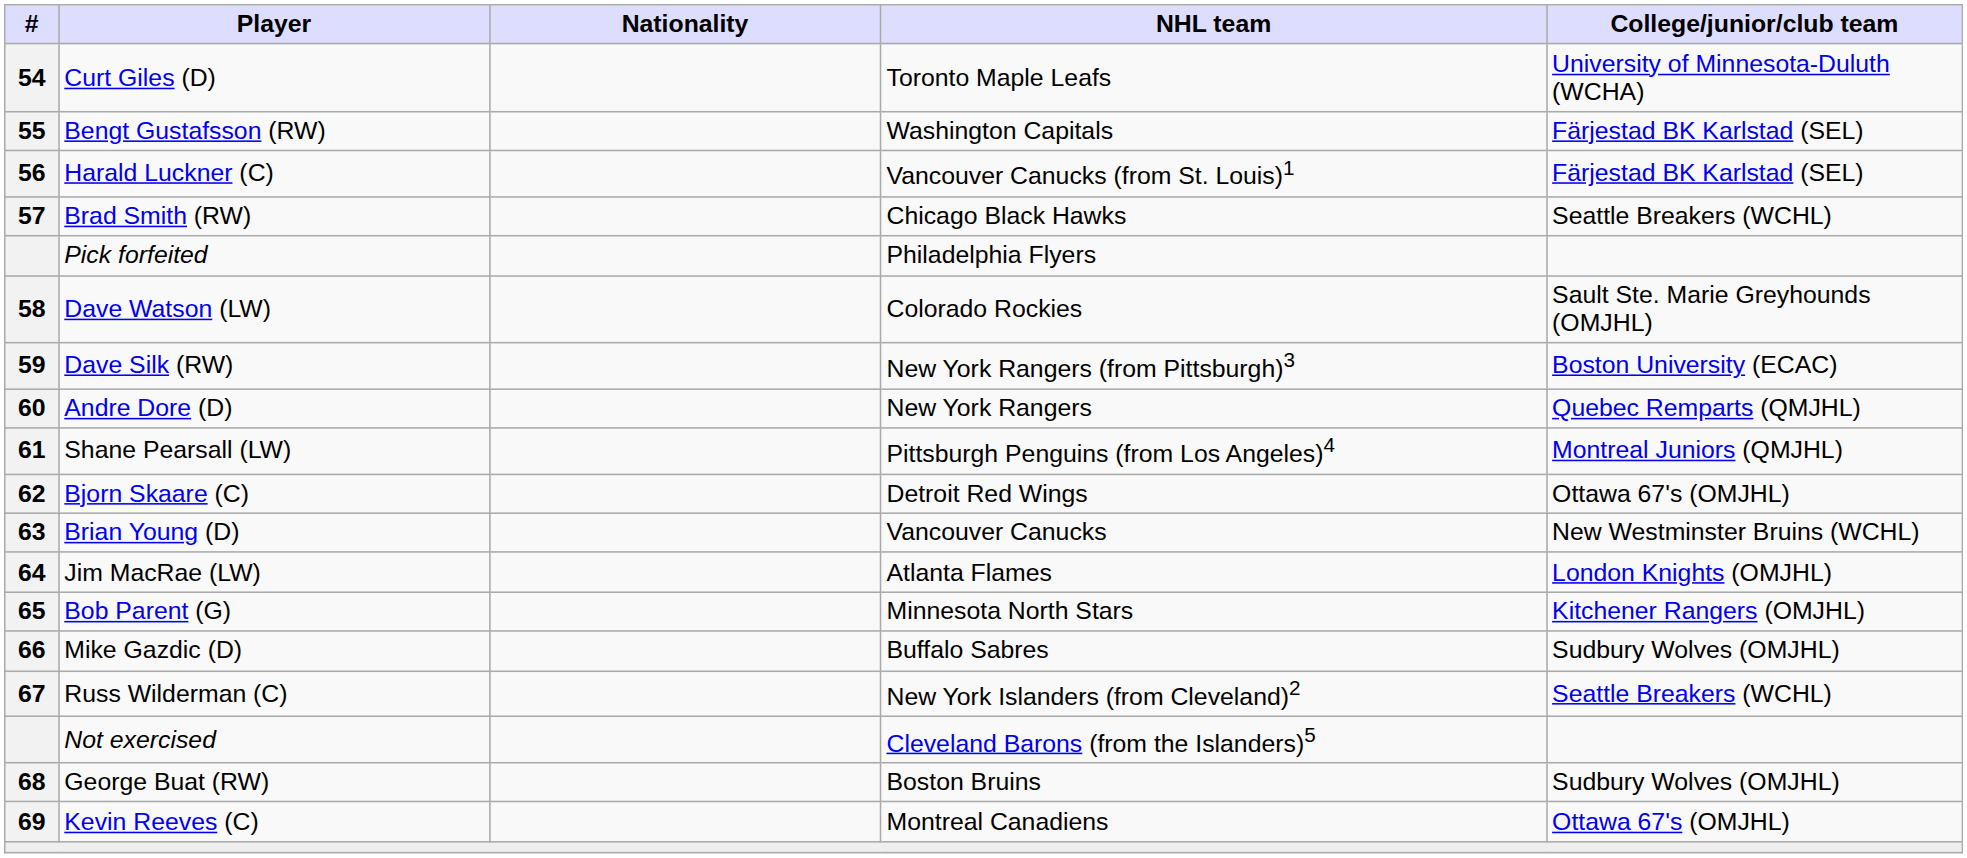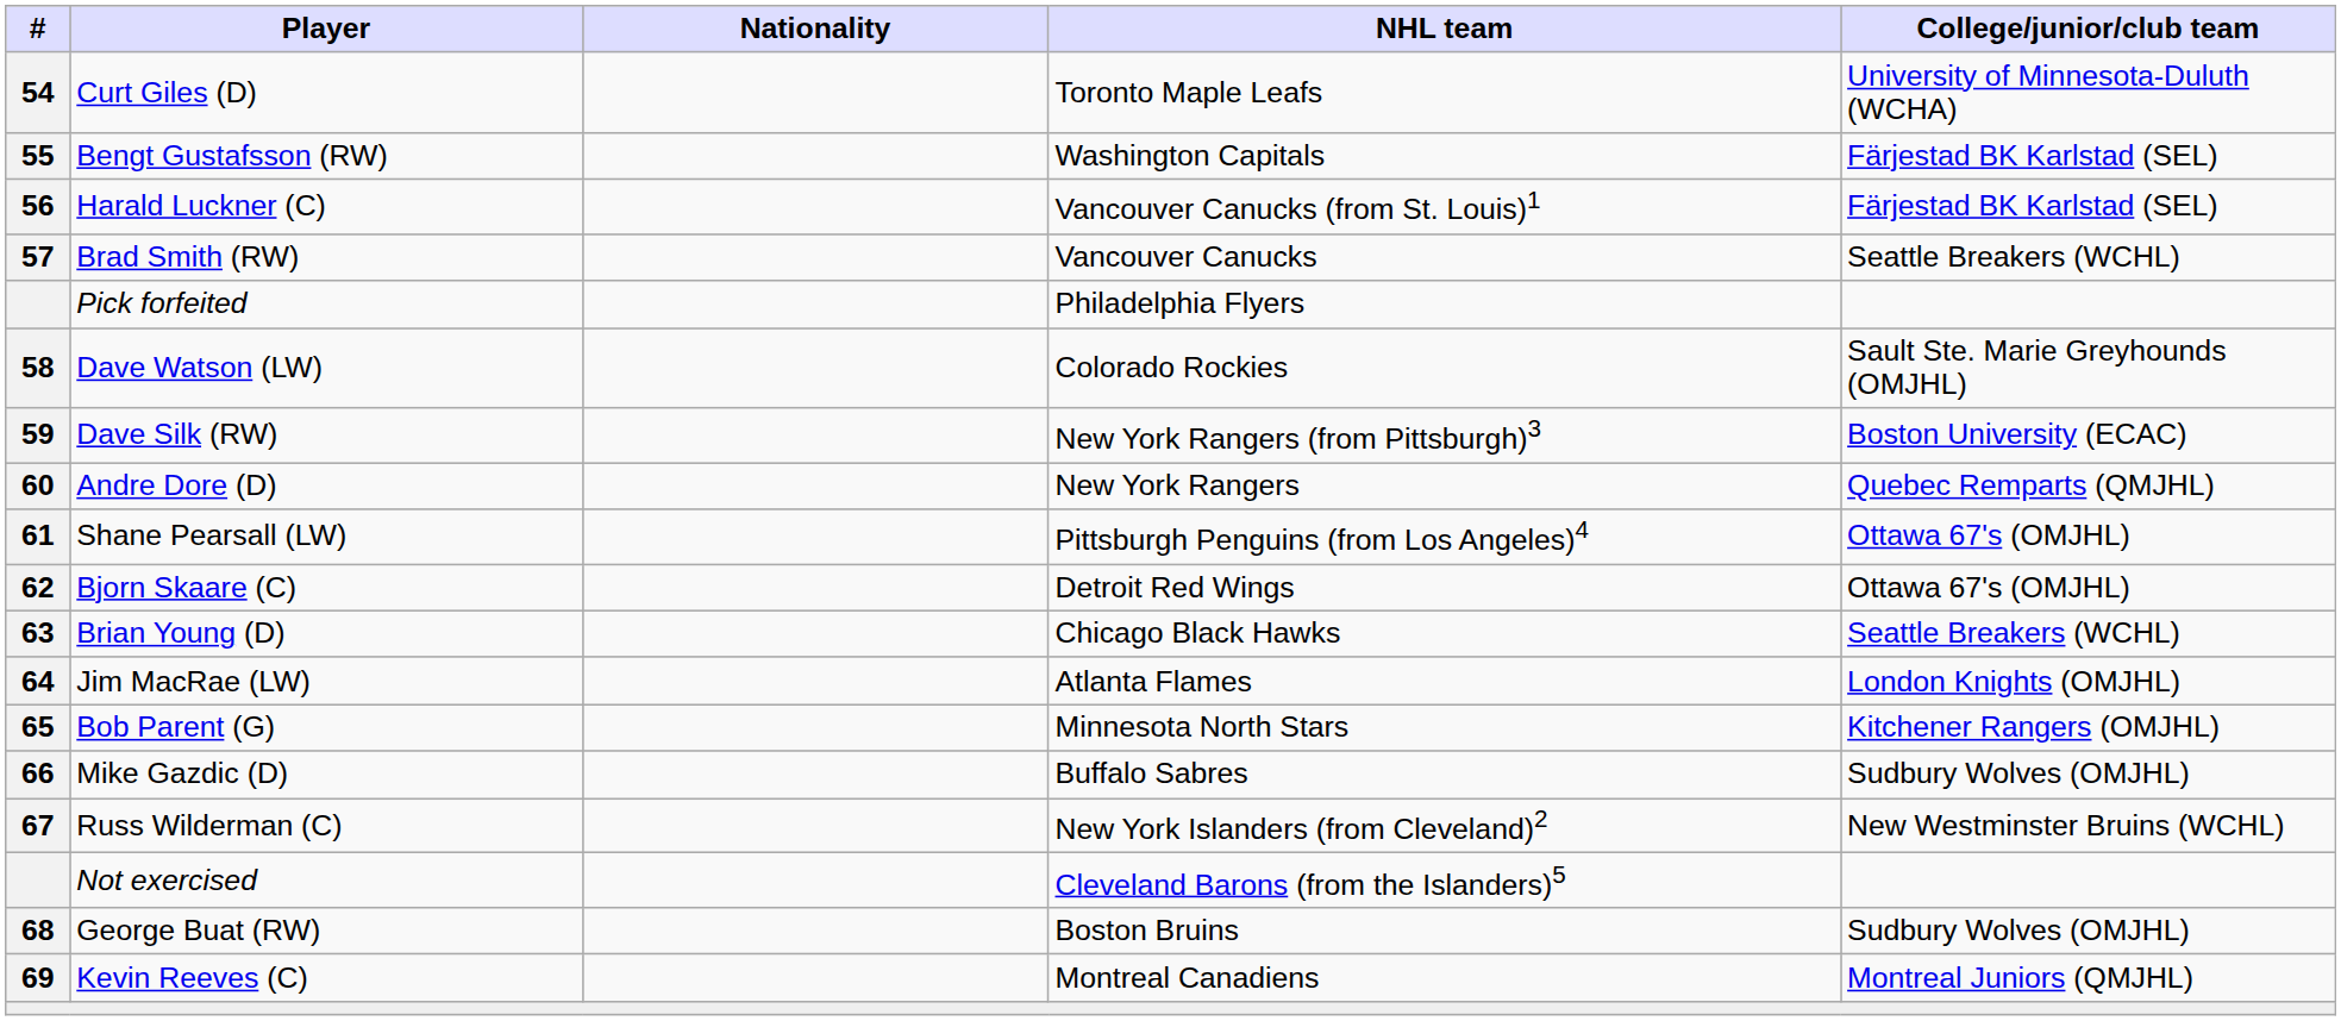 <table class="wikitable" style="width: 100%">
 <tr>
 <th style="background:#ddf; width:2.75%;">#</th>
 <th style="background:#ddf; width:22.0%;">Player</th>
 <th style="background:#ddf; width:20.0%;">Nationality</th>
 <th style="background:#ddf; width:34.0%;">NHL team</th>
 <th style="background:#ddf; width:100.0%;">College/junior/club team</th>
 </tr>
 <tr>
 <th>54</th>
 <td><a href='#'>Curt Giles</a> (D)</td>
 <td></td>
 <td>Toronto Maple Leafs</td>
 <td><a href='#'>University of Minnesota-Duluth</a> (WCHA)</td>
 </tr>
 <tr>
 <th>55</th>
 <td><a href='#'>Bengt Gustafsson</a> (RW)</td>
 <td></td>
 <td>Washington Capitals</td>
 <td><a href='#'>Färjestad BK Karlstad</a> (SEL)</td>
 </tr>
 <tr>
 <th>56</th>
 <td><a href='#'>Harald Luckner</a> (C)</td>
 <td></td>
 <td>Vancouver Canucks (from St. Louis)<sup>1</sup></td>
 <td><a href='#'>Färjestad BK Karlstad</a> (SEL)</td>
 </tr>
 <tr>
 <th>57</th>
 <td><a href='#'>Brad Smith</a> (RW)</td>
 <td></td>
-<td>Chicago Black Hawks</td>
+<td>Vancouver Canucks</td>
 <td>Seattle Breakers (WCHL)</td>
 </tr>
 <tr>
 <th></th>
 <td><em>Pick forfeited</em></td>
 <td></td>
 <td>Philadelphia Flyers</td>
 <td></td>
 </tr>
 <tr>
 <th>58</th>
 <td><a href='#'>Dave Watson</a> (LW)</td>
 <td></td>
 <td>Colorado Rockies</td>
 <td>Sault Ste. Marie Greyhounds (OMJHL)</td>
 </tr>
 <tr>
 <th>59</th>
 <td><a href='#'>Dave Silk</a> (RW)</td>
 <td></td>
 <td>New York Rangers (from Pittsburgh)<sup>3</sup></td>
 <td><a href='#'>Boston University</a> (ECAC)</td>
 </tr>
 <tr>
 <th>60</th>
 <td><a href='#'>Andre Dore</a> (D)</td>
 <td></td>
 <td>New York Rangers</td>
 <td><a href='#'>Quebec Remparts</a> (QMJHL)</td>
 </tr>
 <tr>
 <th>61</th>
 <td>Shane Pearsall (LW)</td>
 <td></td>
 <td>Pittsburgh Penguins (from Los Angeles)<sup>4</sup></td>
-<td><a href='#'>Montreal Juniors</a> (QMJHL)</td>
+<td><a href='#'>Ottawa 67's</a> (OMJHL)</td>
 </tr>
 <tr>
 <th>62</th>
 <td><a href='#'>Bjorn Skaare</a> (C)</td>
 <td></td>
 <td>Detroit Red Wings</td>
 <td>Ottawa 67's (OMJHL)</td>
 </tr>
 <tr>
 <th>63</th>
 <td><a href='#'>Brian Young</a> (D)</td>
 <td></td>
-<td>Vancouver Canucks</td>
-<td>New Westminster Bruins (WCHL)</td>
+<td>Chicago Black Hawks</td>
+<td><a href='#'>Seattle Breakers</a> (WCHL)</td>
 </tr>
 <tr>
 <th>64</th>
 <td>Jim MacRae (LW)</td>
 <td></td>
 <td>Atlanta Flames</td>
 <td><a href='#'>London Knights</a> (OMJHL)</td>
 </tr>
 <tr>
 <th>65</th>
 <td><a href='#'>Bob Parent</a> (G)</td>
 <td></td>
 <td>Minnesota North Stars</td>
 <td><a href='#'>Kitchener Rangers</a> (OMJHL)</td>
 </tr>
 <tr>
 <th>66</th>
 <td>Mike Gazdic (D)</td>
 <td></td>
 <td>Buffalo Sabres</td>
 <td>Sudbury Wolves (OMJHL)</td>
 </tr>
 <tr>
 <th>67</th>
 <td>Russ Wilderman (C)</td>
 <td></td>
 <td>New York Islanders (from Cleveland)<sup>2</sup></td>
-<td><a href='#'>Seattle Breakers</a> (WCHL)</td>
+<td>New Westminster Bruins (WCHL)</td>
 </tr>
 <tr>
 <th></th>
 <td><em>Not exercised</em></td>
 <td></td>
 <td><a href='#'>Cleveland Barons</a> (from the Islanders)<sup>5</sup></td>
 <td></td>
 </tr>
 <tr>
 <th>68</th>
 <td>George Buat (RW)</td>
 <td></td>
 <td>Boston Bruins</td>
 <td>Sudbury Wolves (OMJHL)</td>
 </tr>
 <tr>
 <th>69</th>
 <td><a href='#'>Kevin Reeves</a> (C)</td>
 <td></td>
 <td>Montreal Canadiens</td>
-<td><a href='#'>Ottawa 67's</a> (OMJHL)</td>
+<td><a href='#'>Montreal Juniors</a> (QMJHL)</td>
 </tr>
 <tr>
 <td align=center colspan="6" bgcolor="#efefef"></td>
 </tr>
 </table>
